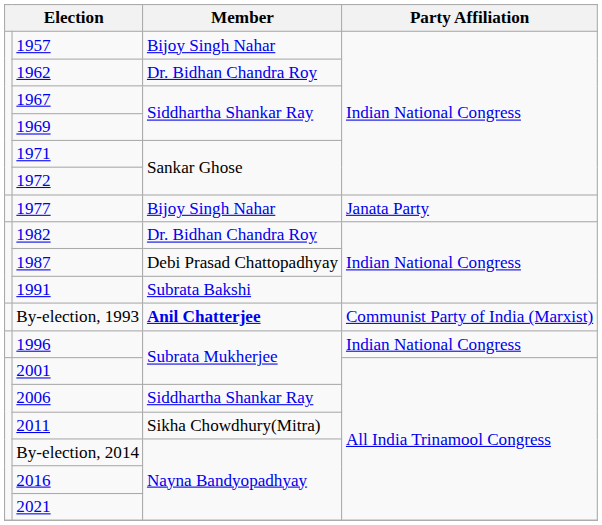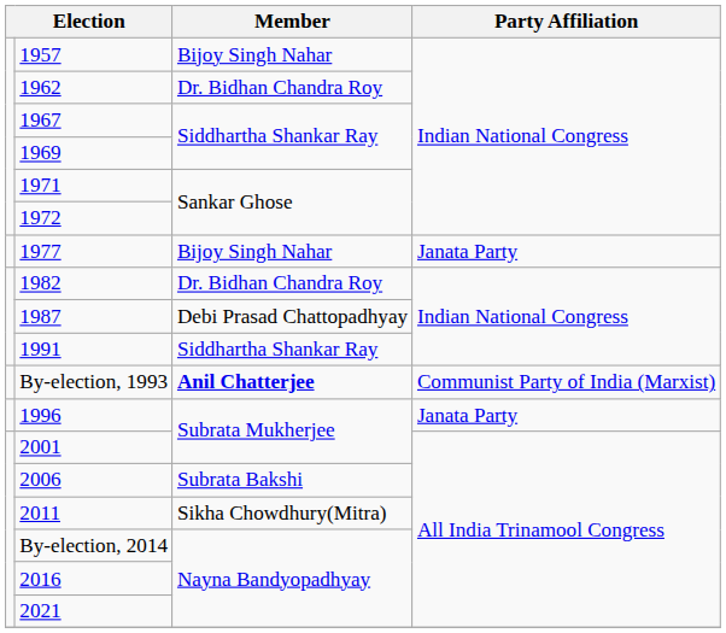 <table class="wikitable sortable">
 <tr>
 <th colspan="2">Election</th>
 <th>Member</th>
 <th>Party Affiliation</th>
 </tr>
 <tr>
 <td rowspan="6" style="background-color: "></td>
 <td><a href='#'>1957</a></td>
 <td><a href='#'>Bijoy Singh Nahar</a></td>
 <td rowspan="6"><a href='#'>Indian National Congress</a></td>
 </tr>
 <tr>
 <td><a href='#'>1962</a></td>
 <td><a href='#'>Dr. Bidhan Chandra Roy</a></td>
 </tr>
 <tr>
 <td><a href='#'>1967</a></td>
 <td rowspan="2"><a href='#'>Siddhartha Shankar Ray</a></td>
 </tr>
 <tr>
 <td><a href='#'>1969</a></td>
 </tr>
 <tr>
 <td><a href='#'>1971</a></td>
 <td rowspan="2">Sankar Ghose</td>
 </tr>
 <tr>
 <td><a href='#'>1972</a></td>
 </tr>
 <tr>
 <td style="background-color: "></td>
 <td><a href='#'>1977</a></td>
 <td><a href='#'>Bijoy Singh Nahar</a></td>
 <td><a href='#'>Janata Party</a></td>
 </tr>
 <tr>
 <td rowspan="3" style="background-color: "></td>
 <td><a href='#'>1982</a></td>
 <td><a href='#'>Dr. Bidhan Chandra Roy</a></td>
 <td rowspan="3"><a href='#'>Indian National Congress</a></td>
 </tr>
 <tr>
 <td><a href='#'>1987</a></td>
 <td>Debi Prasad Chattopadhyay</td>
 </tr>
 <tr>
 <td><a href='#'>1991</a></td>
-<td><a href='#'>Subrata Bakshi</a></td>
+<td><a href='#'>Siddhartha Shankar Ray</a></td>
 </tr>
 <tr>
 <td style="background-color: "></td>
 <td>By-election, 1993</td>
 <td><strong><a href='#'>Anil Chatterjee</a></strong></td>
 <td><a href='#'>Communist Party of India (Marxist)</a></td>
 </tr>
 <tr>
 <td style="background-color: "></td>
 <td><a href='#'>1996</a></td>
 <td rowspan="2"><a href='#'>Subrata Mukherjee</a></td>
-<td><a href='#'>Indian National Congress</a></td>
+<td><a href='#'>Janata Party</a></td>
 </tr>
 <tr>
 <td rowspan="6" style="background-color: "></td>
 <td><a href='#'>2001</a></td>
 <td rowspan="6"><a href='#'>All India Trinamool Congress</a></td>
 </tr>
 <tr>
 <td><a href='#'>2006</a></td>
-<td><a href='#'>Siddhartha Shankar Ray</a></td>
+<td><a href='#'>Subrata Bakshi</a></td>
 </tr>
 <tr>
 <td><a href='#'>2011</a></td>
 <td>Sikha Chowdhury(Mitra)</td>
 </tr>
 <tr>
 <td>By-election, 2014</td>
 <td rowspan="3"><a href='#'>Nayna Bandyopadhyay</a></td>
 </tr>
 <tr>
 <td><a href='#'>2016</a></td>
 </tr>
 <tr>
 <td><a href='#'>2021</a></td>
 </tr>
 <tr>
 </tr>
 </table>
